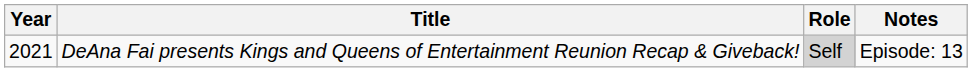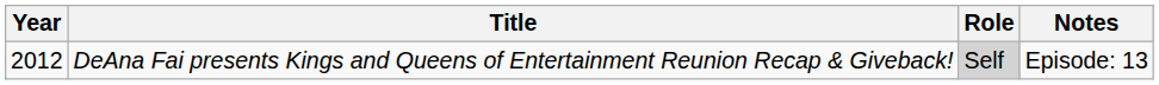 <table class="wikitable sortable">
 <tr>
 <th>Year</th>
 <th>Title</th>
 <th>Role</th>
 <th class="unsortable">Notes</th>
 </tr>
 <tr>
-<td>2021</td>
+<td>2012</td>
 <td><em>DeAna Fai presents Kings and Queens of Entertainment Reunion Recap & Giveback!</em></td>
 <td style="background: lightgrey;">Self</td>
 <td>Episode: 13</td>
 </tr>
 </table>
